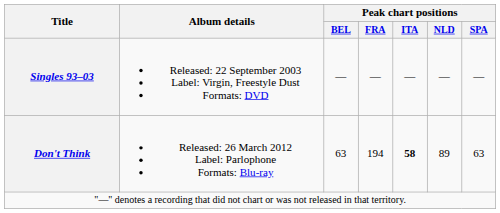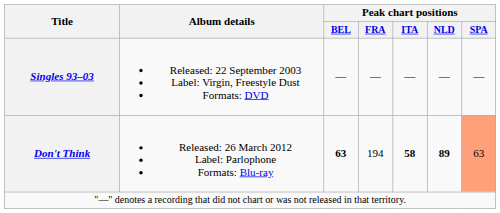 <table class="wikitable plainrowheaders" style="text-align:center;">
 <tr>
 <th scope="col" rowspan="2" style="width:10em;">Title</th>
 <th scope="col" rowspan="2" style="width:18em;">Album details</th>
 <th scope="col" colspan="5">Peak chart positions</th>
 </tr>
 <tr>
 <th scope="col" style="width:3em;font-size:90%;"><a href='#'>BEL</a><br></th>
 <th scope="col" style="width:3em;font-size:90%;"><a href='#'>FRA</a><br></th>
 <th scope="col" style="width:3em;font-size:90%;"><a href='#'>ITA</a><br></th>
 <th scope="col" style="width:3em;font-size:90%;"><a href='#'>NLD</a><br></th>
 <th scope="col" style="width:3em;font-size:90%;"><a href='#'>SPA</a><br></th>
 </tr>
 <tr>
 <th scope="row"><em><a href='#'>Singles 93–03</a></em></th>
 <td><br><ul><li>Released: 22 September 2003</li><li>Label: Virgin, Freestyle Dust</li><li>Formats: <a href='#'>DVD</a></li></ul></td>
 <td>—</td>
 <td>—</td>
 <td>—</td>
 <td>—</td>
 <td>—</td>
 </tr>
 <tr>
 <th scope="row"><em><a href='#'>Don't Think</a></em></th>
 <td><br><ul><li>Released: 26 March 2012</li><li>Label: Parlophone</li><li>Formats: <a href='#'>Blu-ray</a></li></ul></td>
-<td>63</td>
+<td><strong>63</strong></td>
 <td>194</td>
 <td><strong>58</strong></td>
-<td>89</td>
-<td>63</td>
+<td><strong>89</strong></td>
+<td style="background: lightsalmon;">63</td>
 </tr>
 <tr>
 <td colspan="8" style="font-size:90%">"—" denotes a recording that did not chart or was not released in that territory.</td>
 </tr>
 </table>
